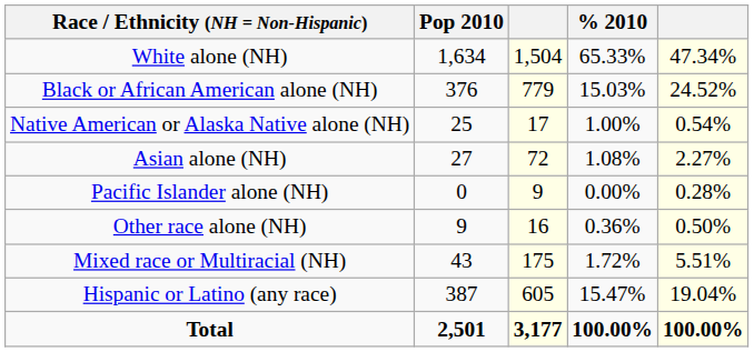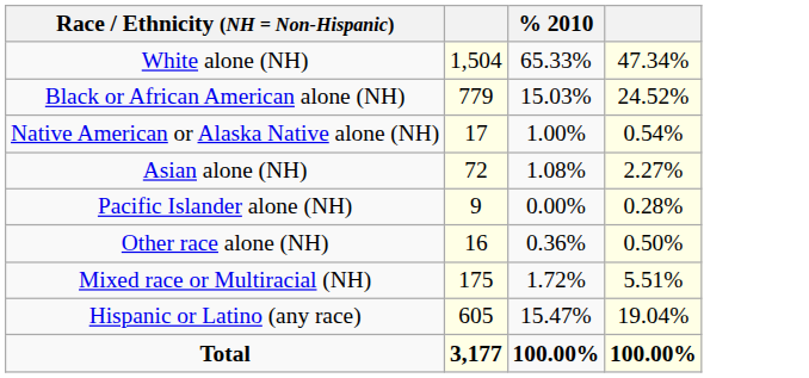 <table class="wikitable" style="text-align:center;">
 <tr>
 <th>Race / Ethnicity <small>(<em>NH = Non-Hispanic</em>)</small></th>
-<th>Pop 2010</th>
 <th></th>
 <th>% 2010</th>
 <th></th>
 </tr>
 <tr>
 <td><a href='#'>White</a> alone (NH)</td>
-<td>1,634</td>
 <td style='background: #ffffe6;'>1,504</td>
 <td>65.33%</td>
 <td style='background: #ffffe6;'>47.34%</td>
 </tr>
 <tr>
 <td><a href='#'>Black or African American</a> alone (NH)</td>
-<td>376</td>
 <td style='background: #ffffe6;'>779</td>
 <td>15.03%</td>
 <td style='background: #ffffe6;'>24.52%</td>
 </tr>
 <tr>
 <td><a href='#'>Native American</a> or <a href='#'>Alaska Native</a> alone (NH)</td>
-<td>25</td>
 <td style='background: #ffffe6;'>17</td>
 <td>1.00%</td>
 <td style='background: #ffffe6;'>0.54%</td>
 </tr>
 <tr>
 <td><a href='#'>Asian</a> alone (NH)</td>
-<td>27</td>
 <td style='background: #ffffe6;'>72</td>
 <td>1.08%</td>
 <td style='background: #ffffe6;'>2.27%</td>
 </tr>
 <tr>
 <td><a href='#'>Pacific Islander</a> alone (NH)</td>
-<td>0</td>
 <td style='background: #ffffe6;'>9</td>
 <td>0.00%</td>
 <td style='background: #ffffe6;'>0.28%</td>
 </tr>
 <tr>
 <td><a href='#'>Other race</a> alone (NH)</td>
-<td>9</td>
 <td style='background: #ffffe6;'>16</td>
 <td>0.36%</td>
 <td style='background: #ffffe6;'>0.50%</td>
 </tr>
 <tr>
 <td><a href='#'>Mixed race or Multiracial</a> (NH)</td>
-<td>43</td>
 <td style='background: #ffffe6;'>175</td>
 <td>1.72%</td>
 <td style='background: #ffffe6;'>5.51%</td>
 </tr>
 <tr>
 <td><a href='#'>Hispanic or Latino</a> (any race)</td>
-<td>387</td>
 <td style='background: #ffffe6;'>605</td>
 <td>15.47%</td>
 <td style='background: #ffffe6;'>19.04%</td>
 </tr>
 <tr>
 <td><strong>Total</strong></td>
-<td><strong>2,501</strong></td>
 <td style='background: #ffffe6;'><strong>3,177</strong></td>
 <td><strong>100.00%</strong></td>
 <td style='background: #ffffe6;'><strong>100.00%</strong></td>
 </tr>
 </table>
